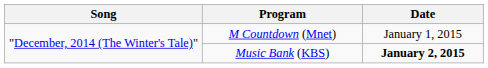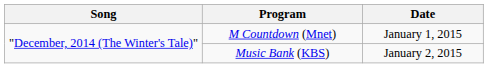 <table class="wikitable" style="text-align:center;">
 <tr>
 <th style="width:250px;">Song</th>
 <th style="width:200px;">Program</th>
 <th style="width:150px;">Date</th>
 </tr>
 <tr>
 <td rowspan="2">"<a href='#'>December, 2014 (The Winter's Tale)</a>"</td>
 <td><em><a href='#'>M Countdown</a></em> (<a href='#'>Mnet</a>)</td>
 <td>January 1, 2015</td>
 </tr>
 <tr>
 <td><em><a href='#'>Music Bank</a></em> (<a href='#'>KBS</a>)</td>
-<td><strong>January 2, 2015</strong></td>
+<td>January 2, 2015</td>
 </tr>
 </table>
